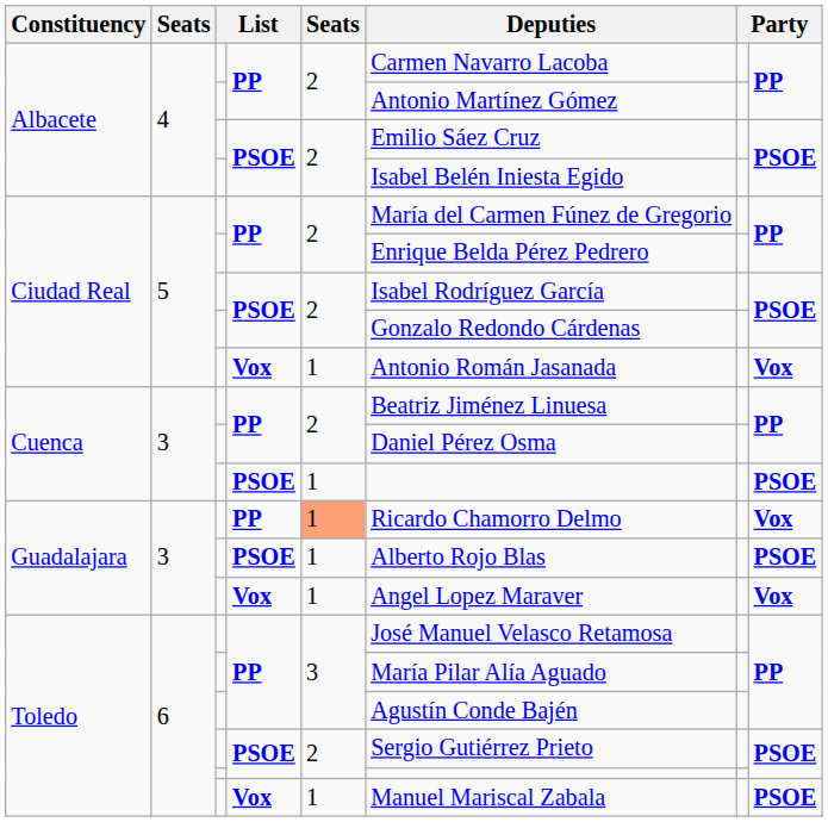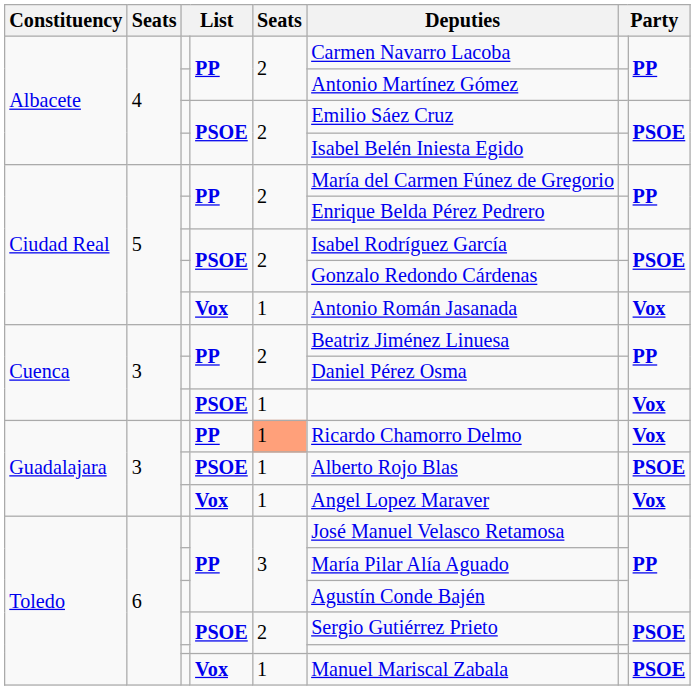 <table class="wikitable sortable">
 <tr>
 <th>Constituency</th>
 <th>Seats</th>
 <th colspan="2">List</th>
 <th>Seats</th>
 <th>Deputies</th>
 <th colspan="2">Party</th>
 </tr>
 <tr>
 <td rowspan="4"><a href='#'>Albacete</a></td>
 <td rowspan="4">4</td>
 <td></td>
 <td rowspan="2"><strong><a href='#'>PP</a></strong></td>
 <td rowspan="2">2</td>
 <td><a href='#'>Carmen Navarro Lacoba</a></td>
 <td></td>
 <td rowspan="2"><strong><a href='#'>PP</a></strong></td>
 </tr>
 <tr>
 <td></td>
 <td><a href='#'>Antonio Martínez Gómez</a></td>
 <td></td>
 </tr>
 <tr>
 <td></td>
 <td rowspan="2"><strong><a href='#'>PSOE</a></strong></td>
 <td rowspan="2">2</td>
 <td><a href='#'>Emilio Sáez Cruz</a></td>
 <td></td>
 <td rowspan="2"><strong><a href='#'>PSOE</a></strong></td>
 </tr>
 <tr>
 <td></td>
 <td><a href='#'>Isabel Belén Iniesta Egido</a></td>
 <td></td>
 </tr>
 <tr>
 <td rowspan="5"><a href='#'>Ciudad Real</a></td>
 <td rowspan="5">5</td>
 <td></td>
 <td rowspan="2"><strong><a href='#'>PP</a></strong></td>
 <td rowspan="2">2</td>
 <td><a href='#'>María del Carmen Fúnez de Gregorio</a></td>
 <td></td>
 <td rowspan="2"><strong><a href='#'>PP</a></strong></td>
 </tr>
 <tr>
 <td></td>
 <td><a href='#'>Enrique Belda Pérez Pedrero</a></td>
 <td></td>
 </tr>
 <tr>
 <td></td>
 <td rowspan="2"><strong><a href='#'>PSOE</a></strong></td>
 <td rowspan="2">2</td>
 <td><a href='#'>Isabel Rodríguez García</a></td>
 <td></td>
 <td rowspan="2"><strong><a href='#'>PSOE</a></strong></td>
 </tr>
 <tr>
 <td></td>
 <td><a href='#'>Gonzalo Redondo Cárdenas</a></td>
 <td></td>
 </tr>
 <tr>
 <td></td>
 <td><strong><a href='#'>Vox</a></strong></td>
 <td>1</td>
 <td><a href='#'>Antonio Román Jasanada</a></td>
 <td></td>
 <td><strong><a href='#'>Vox</a></strong></td>
 </tr>
 <tr>
 <td rowspan="3"><a href='#'>Cuenca</a></td>
 <td rowspan="3">3</td>
 <td></td>
 <td rowspan="2"><strong><a href='#'>PP</a></strong></td>
 <td rowspan="2">2</td>
 <td><a href='#'>Beatriz Jiménez Linuesa</a></td>
 <td></td>
 <td rowspan="2"><strong><a href='#'>PP</a></strong></td>
 </tr>
 <tr>
 <td></td>
 <td><a href='#'>Daniel Pérez Osma</a></td>
 <td></td>
 </tr>
 <tr>
 <td></td>
 <td><strong><a href='#'>PSOE</a></strong></td>
 <td>1</td>
 <td></td>
 <td></td>
-<td><strong><a href='#'>PSOE</a></strong></td>
+<td><strong><a href='#'>Vox</a></strong></td>
 </tr>
 <tr>
 <td rowspan="3"><a href='#'>Guadalajara</a></td>
 <td rowspan="3">3</td>
 <td></td>
 <td><strong><a href='#'>PP</a></strong></td>
 <td style="background: lightsalmon;">1</td>
 <td><a href='#'>Ricardo Chamorro Delmo</a></td>
 <td></td>
 <td><strong><a href='#'>Vox</a></strong></td>
 </tr>
 <tr>
 <td></td>
 <td><strong><a href='#'>PSOE</a></strong></td>
 <td>1</td>
 <td><a href='#'>Alberto Rojo Blas</a></td>
 <td></td>
 <td><strong><a href='#'>PSOE</a></strong></td>
 </tr>
 <tr>
 <td></td>
 <td><strong><a href='#'>Vox</a></strong></td>
 <td>1</td>
 <td><a href='#'>Angel Lopez Maraver</a></td>
 <td></td>
 <td><strong><a href='#'>Vox</a></strong></td>
 </tr>
 <tr>
 <td rowspan="6"><a href='#'>Toledo</a></td>
 <td rowspan="6">6</td>
 <td></td>
 <td rowspan="3"><strong><a href='#'>PP</a></strong></td>
 <td rowspan="3">3</td>
 <td><a href='#'>José Manuel Velasco Retamosa</a></td>
 <td></td>
 <td rowspan="3"><strong><a href='#'>PP</a></strong></td>
 </tr>
 <tr>
 <td></td>
 <td><a href='#'>María Pilar Alía Aguado</a></td>
 <td></td>
 </tr>
 <tr>
 <td></td>
 <td><a href='#'>Agustín Conde Bajén</a></td>
 <td></td>
 </tr>
 <tr>
 <td></td>
 <td rowspan="2"><strong><a href='#'>PSOE</a></strong></td>
 <td rowspan="2">2</td>
 <td><a href='#'>Sergio Gutiérrez Prieto</a></td>
 <td></td>
 <td rowspan="2"><strong><a href='#'>PSOE</a></strong></td>
 </tr>
 <tr>
 <td></td>
 <td></td>
 <td></td>
 </tr>
 <tr>
 <td></td>
 <td><strong><a href='#'>Vox</a></strong></td>
 <td>1</td>
 <td><a href='#'>Manuel Mariscal Zabala</a></td>
 <td></td>
 <td><strong><a href='#'>PSOE</a></strong></td>
 </tr>
 </table>
